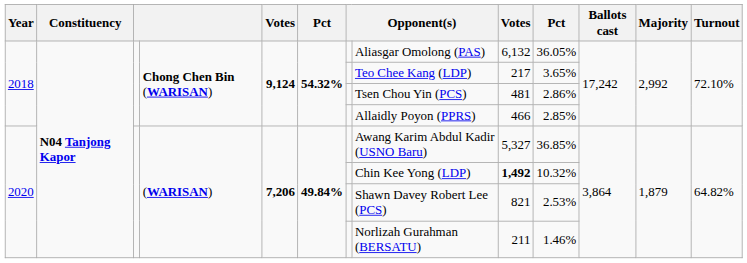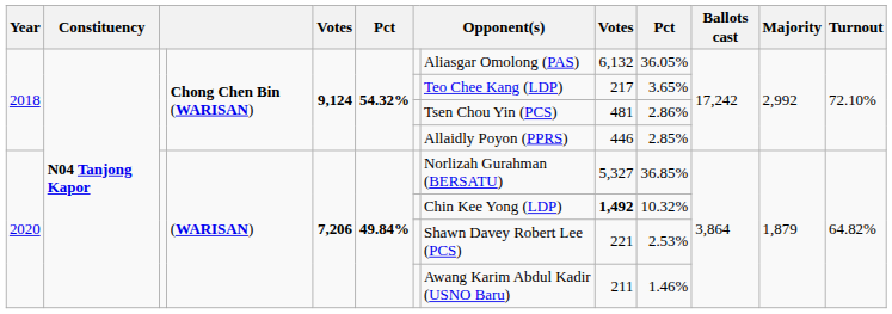 <table class="wikitable" style="margin:0.5em ; font-size:95%">
 <tr>
 <th>Year</th>
 <th>Constituency</th>
 <th colspan=2></th>
 <th>Votes</th>
 <th>Pct</th>
 <th colspan=2>Opponent(s)</th>
 <th>Votes</th>
 <th>Pct</th>
 <th>Ballots cast</th>
 <th>Majority</th>
 <th>Turnout</th>
 </tr>
 <tr>
 <td rowspan=4><a href='#'>2018</a></td>
 <td rowspan="8"><strong>N04 <a href='#'>Tanjong Kapor</a></strong></td>
 <td rowspan=4 ></td>
 <td rowspan=4><strong>Chong Chen Bin</strong> (<a href='#'><strong>WARISAN</strong></a>)</td>
 <td rowspan=4 align="right"><strong>9,124</strong></td>
 <td rowspan=4><strong>54.32%</strong></td>
 <td></td>
 <td>Aliasgar Omolong (<a href='#'>PAS</a>)</td>
 <td align="right">6,132</td>
 <td>36.05%</td>
 <td rowspan=4>17,242</td>
 <td rowspan=4>2,992</td>
 <td rowspan=4>72.10%</td>
 </tr>
 <tr>
 <td></td>
 <td><a href='#'>Teo Chee Kang</a> (<a href='#'>LDP</a>)</td>
 <td align="right">217</td>
 <td align="right">3.65%</td>
 </tr>
 <tr>
 <td></td>
 <td>Tsen Chou Yin (<a href='#'>PCS</a>)</td>
 <td align="right">481</td>
 <td align="right">2.86%</td>
 </tr>
 <tr>
 <td></td>
 <td>Allaidly Poyon (<a href='#'>PPRS</a>)</td>
-<td align="right">466</td>
+<td align="right">446</td>
 <td align="right">2.85%</td>
 </tr>
 <tr>
 <td rowspan=4><a href='#'>2020</a></td>
 <td rowspan=4 ></td>
 <td rowspan=4> (<a href='#'><strong>WARISAN</strong></a>)</td>
 <td rowspan=4 align="right"><strong>7,206</strong></td>
 <td rowspan=4><strong>49.84%</strong></td>
 <td bgcolor=></td>
-<td>Awang Karim Abdul Kadir (<a href='#'>USNO Baru</a>)</td>
+<td>Norlizah Gurahman (<a href='#'>BERSATU</a>)</td>
 <td align="right">5,327</td>
 <td>36.85%</td>
 <td rowspan=4>3,864</td>
 <td rowspan=4>1,879</td>
 <td rowspan=4>64.82%</td>
 </tr>
 <tr>
 <td></td>
 <td>Chin Kee Yong (<a href='#'>LDP</a>)</td>
 <td align="right"><strong>1,492</strong></td>
 <td>10.32%</td>
 </tr>
 <tr>
 <td></td>
 <td>Shawn Davey Robert Lee (<a href='#'>PCS</a>)</td>
-<td align="right">821</td>
+<td align="right">221</td>
 <td align="right">2.53%</td>
 </tr>
 <tr>
 <td bgcolor=></td>
-<td>Norlizah Gurahman (<a href='#'>BERSATU</a>)</td>
+<td>Awang Karim Abdul Kadir (<a href='#'>USNO Baru</a>)</td>
 <td align="right">211</td>
 <td align="right">1.46%</td>
 </tr>
 </table>
